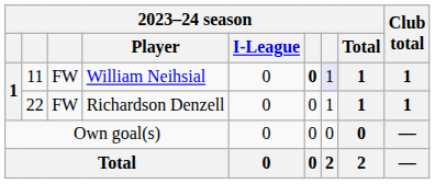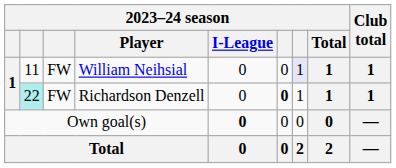 <table class="wikitable sortable" style="text-align:center; font-size:85%;">
 <tr>
 <th colspan="8">2023–24 season</th>
 <th rowspan="2">Club<br>total</th>
 </tr>
 <tr>
 <th></th>
 <th></th>
 <th></th>
 <th>Player</th>
 <th><a href='#'>I-League</a></th>
 <th></th>
 <th></th>
 <th>Total</th>
 </tr>
 <tr>
 <th rowspan="2">1</th>
 <td>11</td>
 <td>FW</td>
 <td style="text-align:left;"> <a href='#'>William Neihsial</a></td>
 <td>0</td>
-<td><strong>0</strong></td>
+<td>0</td>
 <td style="background: lavender;">1</td>
 <th>1</th>
 <th>1</th>
 </tr>
 <tr>
-<td>22</td>
+<td style="background: paleturquoise;">22</td>
 <td>FW</td>
 <td style="text-align:left;"> Richardson Denzell</td>
 <td>0</td>
-<td>0</td>
+<td><strong>0</strong></td>
 <td>1</td>
 <th>1</th>
 <th>1</th>
 </tr>
 <tr>
 <td colspan="4">Own goal(s)</td>
-<td>0</td>
+<td><strong>0</strong></td>
 <td>0</td>
 <td>0</td>
 <th>0</th>
 <th>—</th>
 </tr>
 <tr>
 <th colspan="4">Total</th>
 <th>0</th>
 <th>0</th>
 <th>2</th>
 <th>2</th>
 <th>—</th>
 </tr>
 </table>
